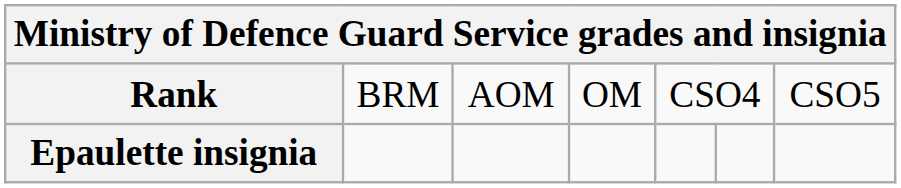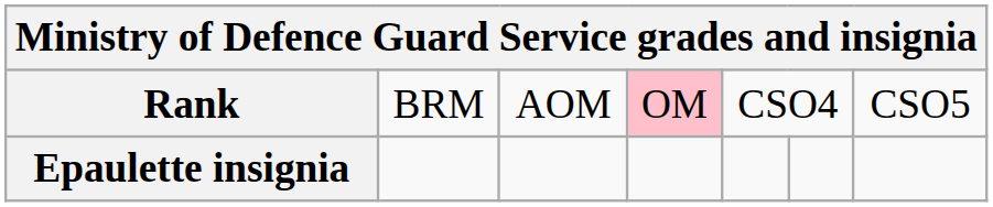 <table class="wikitable" style="text-align: center;">
 <tr>
 <th colspan=7>Ministry of Defence Guard Service grades and insignia</th>
 </tr>
 <tr>
 <th>Rank</th>
 <td>BRM</td>
 <td>AOM</td>
-<td>OM</td>
+<td style="background: pink;">OM</td>
 <td colspan=2>CSO4</td>
 <td>CSO5</td>
 </tr>
 <tr>
 <th>Epaulette insignia</th>
 <td></td>
 <td></td>
 <td></td>
 <td></td>
 <td></td>
 <td></td>
 </tr>
 </table>
